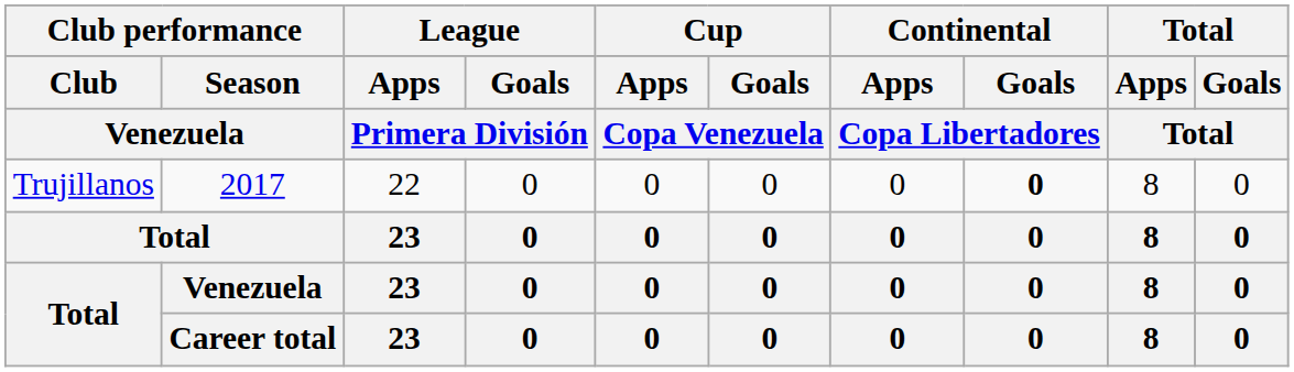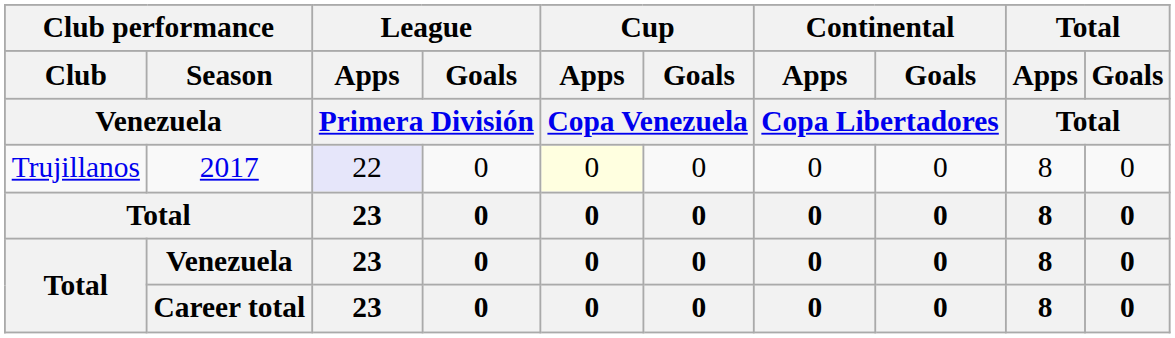 <table class="wikitable" style="text-align:center">
 <tr>
 <th colspan=3>Club performance</th>
 <th colspan=2>League</th>
 <th colspan=2>Cup</th>
 <th colspan=2>Continental</th>
 <th colspan=2>Total</th>
 </tr>
 <tr>
 <th>Club</th>
 <th colspan="2">Season</th>
 <th>Apps</th>
 <th>Goals</th>
 <th>Apps</th>
 <th>Goals</th>
 <th>Apps</th>
 <th>Goals</th>
 <th>Apps</th>
 <th>Goals</th>
 </tr>
 <tr>
 <th colspan=3>Venezuela</th>
 <th colspan=2><a href='#'>Primera División</a></th>
 <th colspan=2><a href='#'>Copa Venezuela</a></th>
 <th colspan=2><a href='#'>Copa Libertadores</a></th>
 <th colspan=2>Total</th>
 </tr>
 <tr>
 <td><a href='#'>Trujillanos</a></td>
 <td colspan="2"><a href='#'>2017</a></td>
-<td>22</td>
+<td style="background: lavender;">22</td>
+<td>0</td>
+<td style="background: lightyellow;">0</td>
 <td>0</td>
 <td>0</td>
 <td>0</td>
-<td>0</td>
-<td><strong>0</strong></td>
 <td>8</td>
 <td>0</td>
 </tr>
 <tr>
 <th colspan="3">Total</th>
 <th>23</th>
 <th>0</th>
 <th>0</th>
 <th>0</th>
 <th>0</th>
 <th>0</th>
 <th>8</th>
 <th>0</th>
 </tr>
 <tr>
 <th rowspan=2>Total</th>
 <th colspan=2>Venezuela</th>
 <th>23</th>
 <th>0</th>
 <th>0</th>
 <th>0</th>
 <th>0</th>
 <th>0</th>
 <th>8</th>
 <th>0</th>
 </tr>
 <tr>
 <th colspan=2>Career total</th>
 <th>23</th>
 <th>0</th>
 <th>0</th>
 <th>0</th>
 <th>0</th>
 <th>0</th>
 <th>8</th>
 <th>0</th>
 </tr>
 </table>
